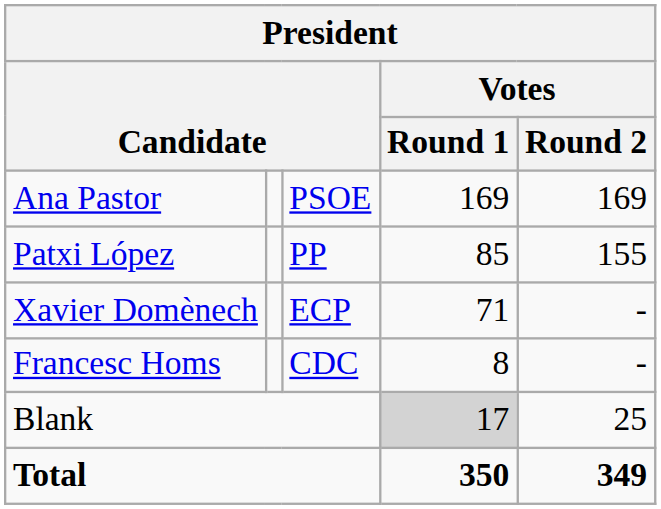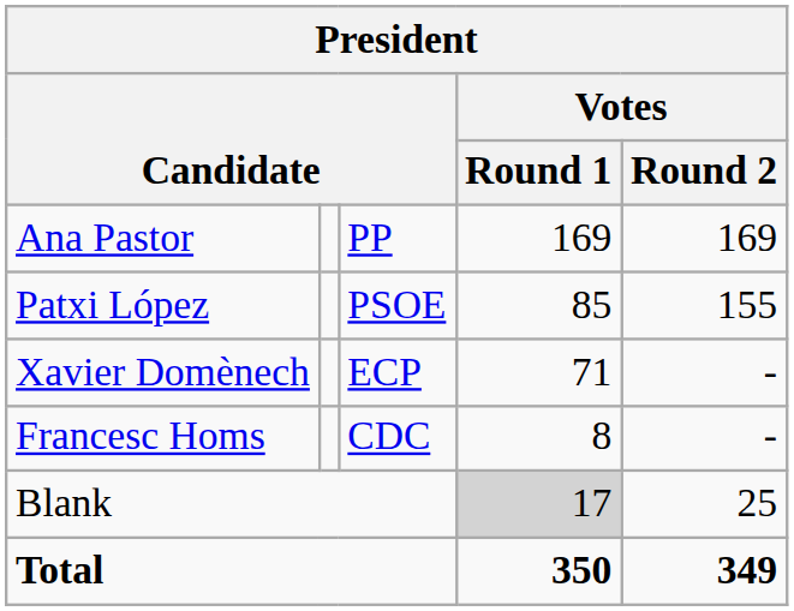 <table class="wikitable" style="font-size:90%; text-align:right;">
 <tr>
 <th colspan="5">President</th>
 </tr>
 <tr>
 <th colspan="3" rowspan="2" valign="bottom">Candidate</th>
 <th colspan="2">Votes</th>
 </tr>
 <tr>
 <th>Round 1</th>
 <th>Round 2</th>
 </tr>
 <tr>
 <td align=left><a href='#'>Ana Pastor</a></td>
 <td style="background:"></td>
-<td align=left><a href='#'>PSOE</a></td>
+<td align=left><a href='#'>PP</a></td>
 <td>169</td>
 <td>169</td>
 </tr>
 <tr>
 <td align=left><a href='#'>Patxi López</a></td>
 <td style="background:"></td>
-<td align=left><a href='#'>PP</a></td>
+<td align=left><a href='#'>PSOE</a></td>
 <td>85</td>
 <td>155</td>
 </tr>
 <tr>
 <td align=left><a href='#'>Xavier Domènech</a></td>
 <td style="background:"></td>
 <td align=left><a href='#'>ECP</a></td>
 <td>71</td>
 <td>-</td>
 </tr>
 <tr>
 <td align=left><a href='#'>Francesc Homs</a></td>
 <td style="background:"></td>
 <td align=left><a href='#'>CDC</a></td>
 <td>8</td>
 <td>-</td>
 </tr>
 <tr>
 <td align=left colspan="3">Blank</td>
 <td style="background: lightgrey;">17</td>
 <td>25</td>
 </tr>
 <tr style="font-weight:bold">
 <td align=left colspan="3">Total</td>
 <td>350</td>
 <td>349</td>
 </tr>
 </table>
